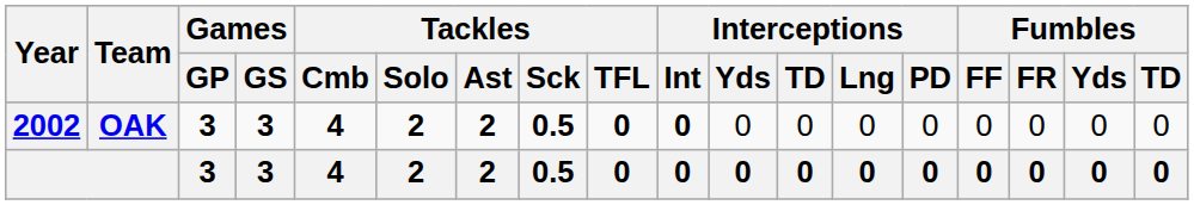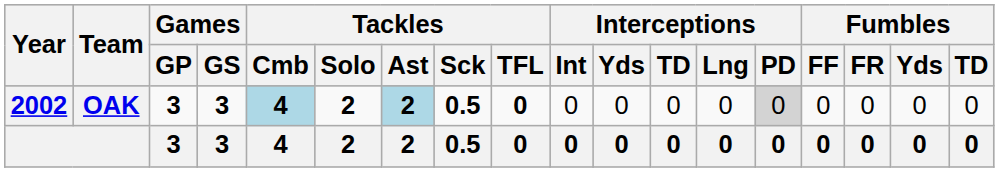 <table class="wikitable" style="text-align:center">
 <tr>
 <th rowspan="2">Year</th>
 <th rowspan="2">Team</th>
 <th colspan="2">Games</th>
 <th colspan="5">Tackles</th>
 <th colspan="5">Interceptions</th>
 <th colspan="4">Fumbles</th>
 </tr>
 <tr>
 <th>GP</th>
 <th>GS</th>
 <th>Cmb</th>
 <th>Solo</th>
 <th>Ast</th>
 <th>Sck</th>
 <th>TFL</th>
 <th>Int</th>
 <th>Yds</th>
 <th>TD</th>
 <th>Lng</th>
 <th>PD</th>
 <th>FF</th>
 <th>FR</th>
 <th>Yds</th>
 <th>TD</th>
 </tr>
 <tr>
 <th><a href='#'>2002</a></th>
 <th><a href='#'>OAK</a></th>
 <td><strong>3</strong></td>
 <td><strong>3</strong></td>
-<td><strong>4</strong></td>
+<td style="background: lightblue;"><strong>4</strong></td>
 <td><strong>2</strong></td>
-<td><strong>2</strong></td>
+<td style="background: lightblue;"><strong>2</strong></td>
 <td><strong>0.5</strong></td>
-<td><strong>0</strong></td>
 <td><strong>0</strong></td>
 <td>0</td>
 <td>0</td>
 <td>0</td>
 <td>0</td>
+<td style="background: lightgrey;">0</td>
 <td>0</td>
 <td>0</td>
 <td>0</td>
 <td>0</td>
 </tr>
 <tr>
 <th colspan="2"></th>
 <th>3</th>
 <th>3</th>
 <th>4</th>
 <th>2</th>
 <th>2</th>
 <th>0.5</th>
 <th>0</th>
 <th>0</th>
 <th>0</th>
 <th>0</th>
 <th>0</th>
 <th>0</th>
 <th>0</th>
 <th>0</th>
 <th>0</th>
 <th>0</th>
 </tr>
 </table>
